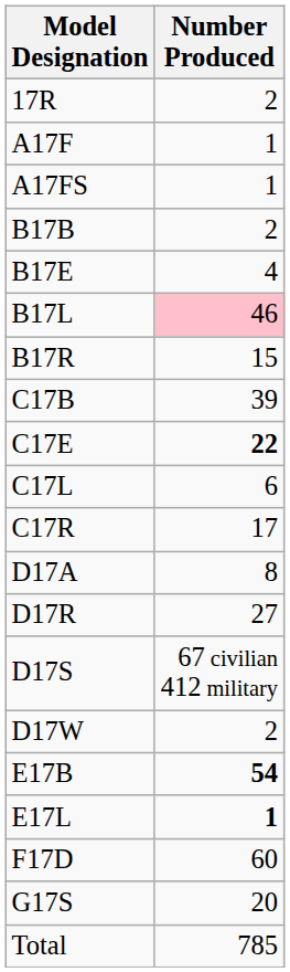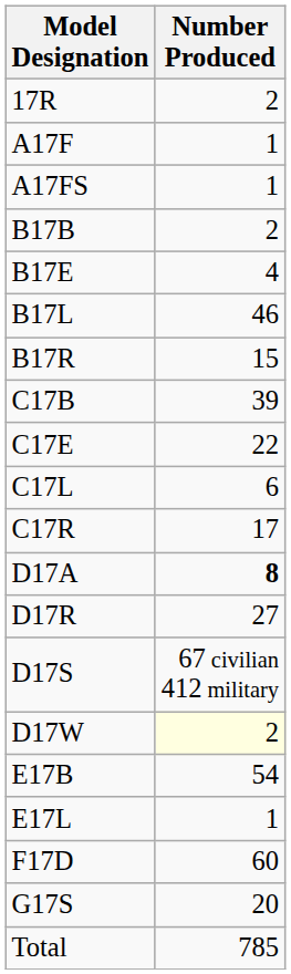 <table class="wikitable" align="right">
 <tr>
 <th><strong>Model<br>Designation</strong></th>
 <th><strong>Number<br>Produced</strong></th>
 </tr>
 <tr>
 <td>17R</td>
 <td align="right">2</td>
 </tr>
 <tr>
 <td>A17F</td>
 <td align="right">1</td>
 </tr>
 <tr>
 <td>A17FS</td>
 <td align="right">1</td>
 </tr>
 <tr>
 <td>B17B</td>
 <td align="right">2</td>
 </tr>
 <tr>
 <td>B17E</td>
 <td align="right">4</td>
 </tr>
 <tr>
 <td>B17L</td>
-<td align="right" style="background: pink;">46</td>
+<td align="right">46</td>
 </tr>
 <tr>
 <td>B17R</td>
 <td align="right">15</td>
 </tr>
 <tr>
 <td>C17B</td>
 <td align="right">39</td>
 </tr>
 <tr>
 <td>C17E</td>
-<td align="right"><strong>22</strong></td>
+<td align="right">22</td>
 </tr>
 <tr>
 <td>C17L</td>
 <td align="right">6</td>
 </tr>
 <tr>
 <td>C17R</td>
 <td align="right">17</td>
 </tr>
 <tr>
 <td>D17A</td>
-<td align="right">8</td>
+<td align="right"><strong>8</strong></td>
 </tr>
 <tr>
 <td>D17R</td>
 <td align="right">27</td>
 </tr>
 <tr>
 <td>D17S</td>
 <td align="right">67<small> civilian</small><br>412<small> military</small></td>
 </tr>
 <tr>
 <td>D17W</td>
-<td align="right">2</td>
+<td align="right" style="background: lightyellow;">2</td>
 </tr>
 <tr>
 <td>E17B</td>
-<td align="right"><strong>54</strong></td>
+<td align="right">54</td>
 </tr>
 <tr>
 <td>E17L</td>
-<td align="right"><strong>1</strong></td>
+<td align="right">1</td>
 </tr>
 <tr>
 <td>F17D</td>
 <td align="right">60</td>
 </tr>
 <tr>
 <td>G17S</td>
 <td align="right">20</td>
 </tr>
 <tr>
 <td>Total</td>
 <td align="right">785</td>
 </tr>
 </table>
